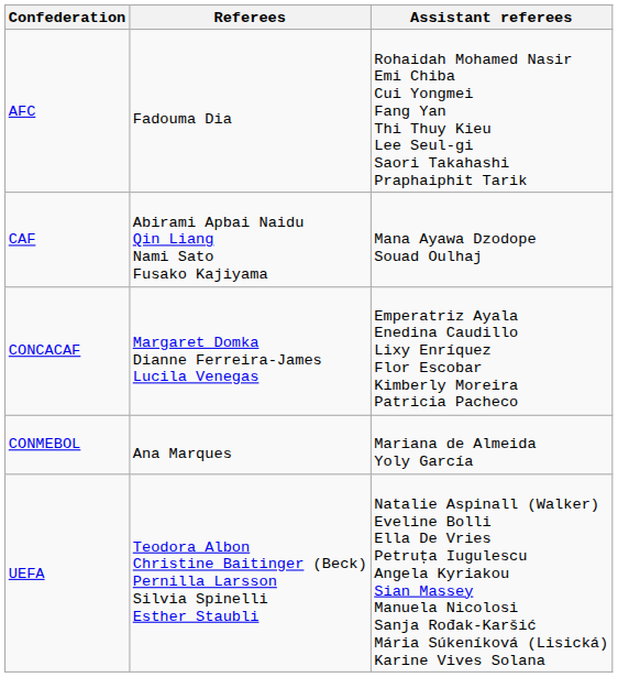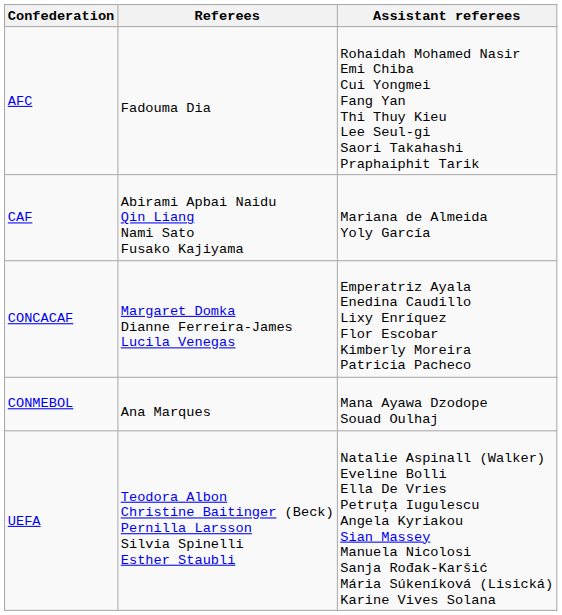 <table class="wikitable">
 <tr>
 <th>Confederation</th>
 <th>Referees</th>
 <th>Assistant referees</th>
 </tr>
 <tr>
 <td><a href='#'>AFC</a></td>
 <td><br> Fadouma Dia</td>
 <td><br> Rohaidah Mohamed Nasir<br>  Emi Chiba<br>  Cui Yongmei<br>  Fang Yan<br>  Thi Thuy Kieu<br>  Lee Seul-gi<br>  Saori Takahashi<br>  Praphaiphit Tarik</td>
 </tr>
 <tr>
 <td><a href='#'>CAF</a></td>
 <td><br> Abirami Apbai Naidu<br>  <a href='#'>Qin Liang</a><br>  Nami Sato<br>  Fusako Kajiyama</td>
-<td><br> Mana Ayawa Dzodope<br>  Souad Oulhaj</td>
+<td><br> Mariana de Almeida<br>  Yoly García</td>
 </tr>
 <tr>
 <td><a href='#'>CONCACAF</a></td>
 <td><br> <a href='#'>Margaret Domka</a><br>  Dianne Ferreira-James<br>  <a href='#'>Lucila Venegas</a></td>
 <td><br> Emperatriz Ayala<br>  Enedina Caudillo<br>  Lixy Enríquez<br>  Flor Escobar<br>  Kimberly Moreira<br>  Patricia Pacheco</td>
 </tr>
 <tr>
 <td><a href='#'>CONMEBOL</a></td>
 <td><br> Ana Marques</td>
-<td><br> Mariana de Almeida<br>  Yoly García</td>
+<td><br> Mana Ayawa Dzodope<br>  Souad Oulhaj</td>
 </tr>
 <tr>
 <td><a href='#'>UEFA</a></td>
 <td><br> <a href='#'>Teodora Albon</a><br>  <a href='#'>Christine Baitinger</a> (Beck)<br>  <a href='#'>Pernilla Larsson</a><br>  Silvia Spinelli<br>  <a href='#'>Esther Staubli</a></td>
 <td><br> Natalie Aspinall (Walker)<br>  Eveline Bolli<br>  Ella De Vries<br>  Petruța Iugulescu<br>  Angela Kyriakou<br>  <a href='#'>Sian Massey</a><br>  Manuela Nicolosi<br>  Sanja Rođak-Karšić<br>  Mária Súkeníková (Lisická)<br>  Karine Vives Solana</td>
 </tr>
 </table>
